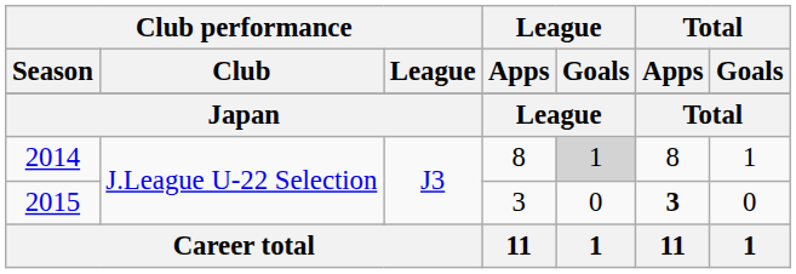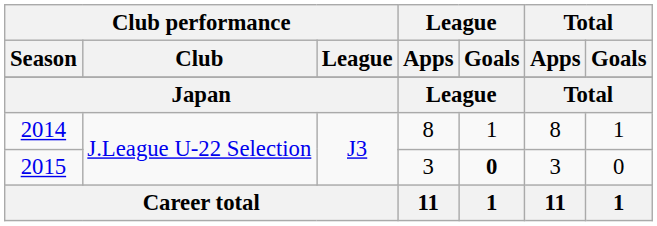 <table class="wikitable" style="text-align:center">
 <tr>
 <th colspan=3>Club performance</th>
 <th colspan=2>League</th>
 <th colspan=2>Total</th>
 </tr>
 <tr>
 <th>Season</th>
 <th>Club</th>
 <th>League</th>
 <th>Apps</th>
 <th>Goals</th>
 <th>Apps</th>
 <th>Goals</th>
 </tr>
 <tr>
 </tr>
 <tr>
 <th colspan=3>Japan</th>
 <th colspan=2>League</th>
 <th colspan=2>Total</th>
 </tr>
 <tr>
 <td><a href='#'>2014</a></td>
 <td rowspan="2"><a href='#'>J.League U-22 Selection</a></td>
 <td rowspan="2"><a href='#'>J3</a></td>
 <td>8</td>
-<td style="background: lightgrey;">1</td>
+<td>1</td>
 <td>8</td>
 <td>1</td>
 </tr>
 <tr>
 <td><a href='#'>2015</a></td>
 <td>3</td>
-<td>0</td>
-<td><strong>3</strong></td>
+<td><strong>0</strong></td>
+<td>3</td>
 <td>0</td>
 </tr>
 <tr>
 <th colspan=3>Career total</th>
 <th>11</th>
 <th>1</th>
 <th>11</th>
 <th>1</th>
 </tr>
 </table>
